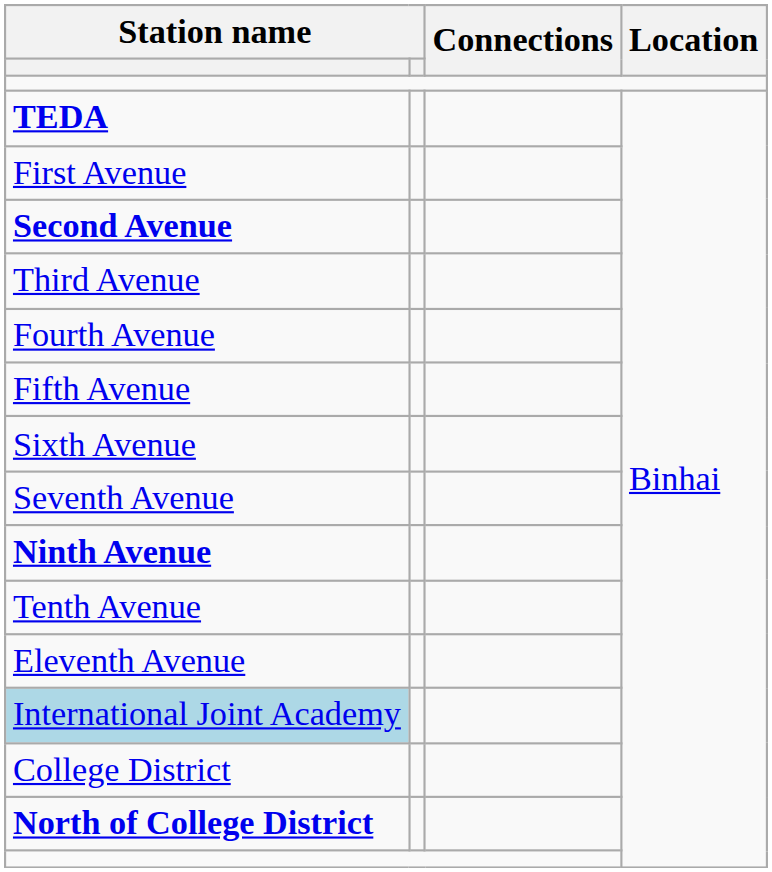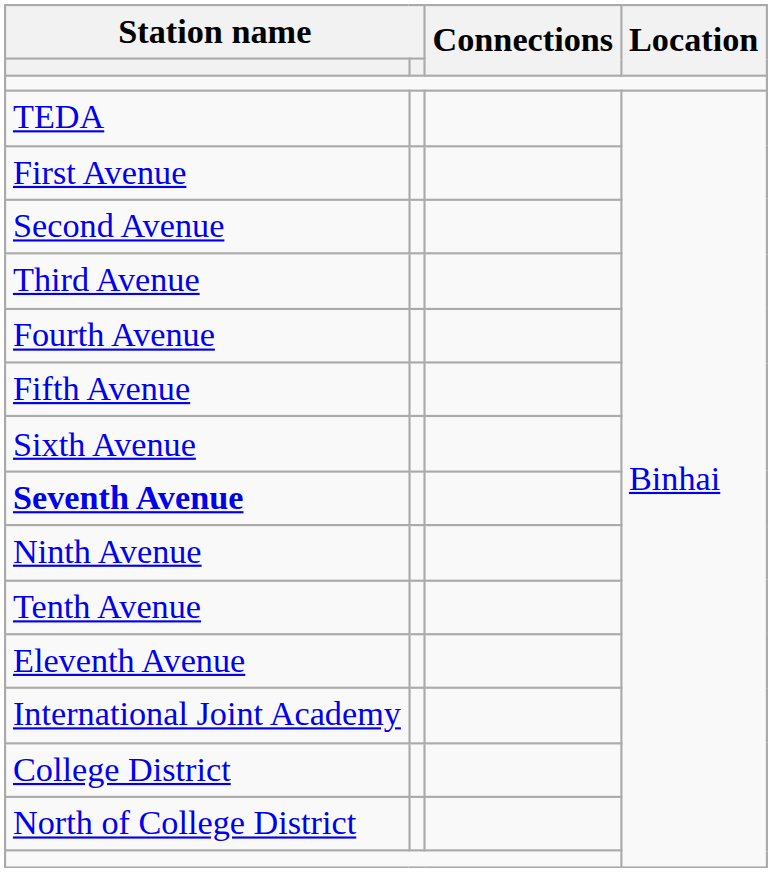 <table class="wikitable">
 <tr>
 <th colspan="2">Station name</th>
 <th rowspan="2">Connections</th>
 <th rowspan="2">Location</th>
 </tr>
 <tr>
 <th></th>
 <th></th>
 </tr>
 <tr style="background:#">
 <td colspan = "4"></td>
 </tr>
 <tr>
-<td><strong><a href='#'>TEDA</a></strong></td>
+<td><a href='#'>TEDA</a></td>
 <td></td>
 <td align="left"></td>
 <td rowspan=15><a href='#'>Binhai</a></td>
 </tr>
 <tr>
 <td><a href='#'>First Avenue</a></td>
 <td></td>
 <td align="left"></td>
 </tr>
 <tr>
-<td><strong><a href='#'>Second Avenue</a></strong></td>
+<td><a href='#'>Second Avenue</a></td>
 <td></td>
 <td align="left"></td>
 </tr>
 <tr>
 <td><a href='#'>Third Avenue</a></td>
 <td></td>
 <td align="left"></td>
 </tr>
 <tr>
 <td><a href='#'>Fourth Avenue</a></td>
 <td></td>
 <td align="left"></td>
 </tr>
 <tr>
 <td><a href='#'>Fifth Avenue</a></td>
 <td></td>
 <td align="left"></td>
 </tr>
 <tr>
 <td><a href='#'>Sixth Avenue</a></td>
 <td></td>
 <td align="left"></td>
 </tr>
 <tr>
-<td><a href='#'>Seventh Avenue</a></td>
+<td><strong><a href='#'>Seventh Avenue</a></strong></td>
 <td></td>
 <td align="left"></td>
 </tr>
 <tr>
-<td><strong><a href='#'>Ninth Avenue</a></strong></td>
+<td><a href='#'>Ninth Avenue</a></td>
 <td></td>
 <td align="left"></td>
 </tr>
 <tr>
 <td><a href='#'>Tenth Avenue</a></td>
 <td></td>
 <td align="left"></td>
 </tr>
 <tr>
 <td><a href='#'>Eleventh Avenue</a></td>
 <td></td>
 <td align="left"></td>
 </tr>
 <tr>
-<td style="background: lightblue;"><a href='#'>International Joint Academy</a></td>
+<td><a href='#'>International Joint Academy</a></td>
 <td></td>
 <td align="left"></td>
 </tr>
 <tr>
 <td><a href='#'>College District</a></td>
 <td></td>
 <td align="left"></td>
 </tr>
 <tr>
-<td><strong><a href='#'>North of College District</a></strong></td>
+<td><a href='#'>North of College District</a></td>
 <td></td>
 <td align="left"></td>
 </tr>
 <tr style="background:#">
 <td colspan = "4"></td>
 </tr>
 </table>
